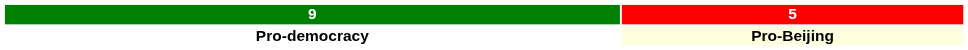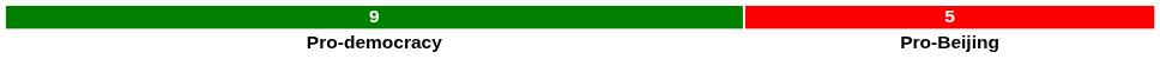 <table style="width:50%; text-align:center;">
 <tr style="color:white;">
 <td style="background:green; width:64.29%;"><strong>9</strong></td>
 <td style="background:red; width:35.71%;"><strong>5</strong></td>
 </tr>
 <tr>
 <td><span><strong>Pro-democracy</strong></span></td>
-<td style="background: lightyellow;"><span><strong>Pro-Beijing</strong></span></td>
+<td><span><strong>Pro-Beijing</strong></span></td>
 </tr>
 <tr>
 </tr>
 </table>
